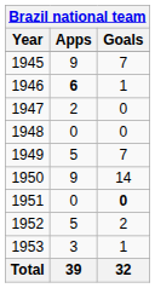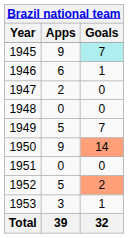 <table class="wikitable" style="text-align:center">
 <tr>
 <th colspan=3><a href='#'>Brazil national team</a></th>
 </tr>
 <tr>
 <th>Year</th>
 <th>Apps</th>
 <th>Goals</th>
 </tr>
 <tr>
 </tr>
 <tr>
 <td>1945</td>
 <td>9</td>
-<td>7</td>
+<td style="background: paleturquoise;">7</td>
 </tr>
 <tr>
 <td>1946</td>
-<td><strong>6</strong></td>
+<td>6</td>
 <td>1</td>
 </tr>
 <tr>
 <td>1947</td>
 <td>2</td>
 <td>0</td>
 </tr>
 <tr>
 <td>1948</td>
 <td>0</td>
 <td>0</td>
 </tr>
 <tr>
 <td>1949</td>
 <td>5</td>
 <td>7</td>
 </tr>
 <tr>
 <td>1950</td>
 <td>9</td>
-<td>14</td>
+<td style="background: lightsalmon;">14</td>
 </tr>
 <tr>
 <td>1951</td>
 <td>0</td>
-<td><strong>0</strong></td>
+<td>0</td>
 </tr>
 <tr>
 <td>1952</td>
 <td>5</td>
-<td>2</td>
+<td style="background: lightsalmon;">2</td>
 </tr>
 <tr>
 <td>1953</td>
 <td>3</td>
 <td>1</td>
 </tr>
 <tr>
 <th>Total</th>
 <th>39</th>
 <th>32</th>
 </tr>
 </table>
